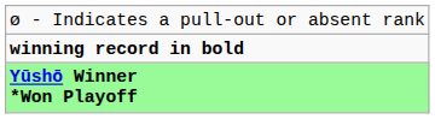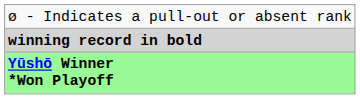 <table class="wikitable">
 <tr>
 <td>ø - Indicates a pull-out or absent rank</td>
 </tr>
 <tr>
-<td><strong>winning record in bold</strong></td>
+<td style="background: lightgrey;"><strong>winning record in bold</strong></td>
 </tr>
 <tr>
 <td style="background: PaleGreen;"><strong><a href='#'>Yūshō</a> Winner <br> *Won Playoff</strong></td>
 </tr>
 </table>
